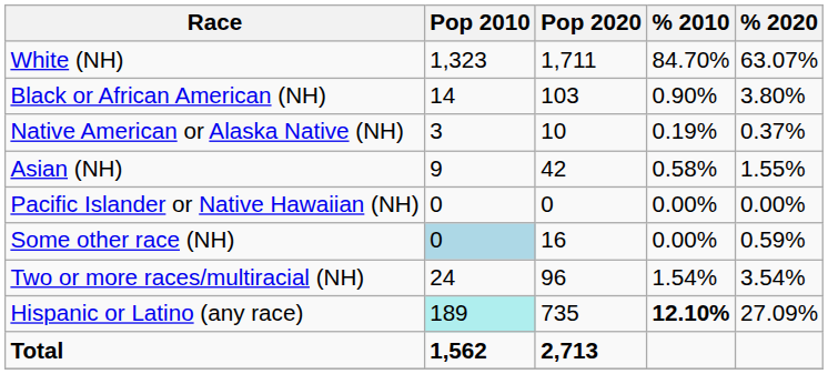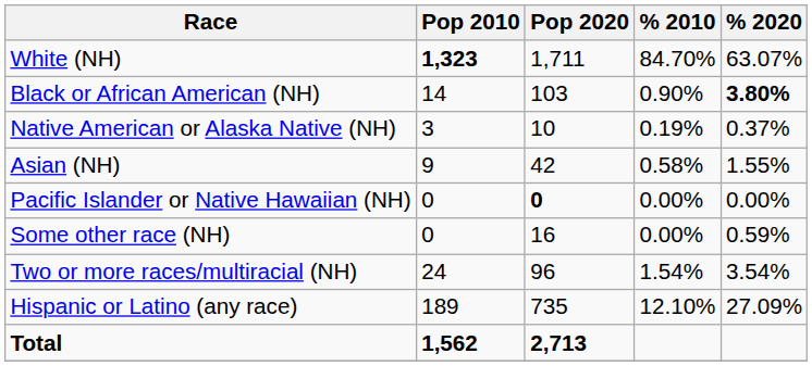 <table class="wikitable">
 <tr>
 <th>Race</th>
 <th>Pop 2010</th>
 <th>Pop 2020</th>
 <th>% 2010</th>
 <th>% 2020</th>
 </tr>
 <tr>
 <td><a href='#'>White</a> (NH)</td>
-<td>1,323</td>
+<td><strong>1,323</strong></td>
 <td>1,711</td>
 <td>84.70%</td>
 <td>63.07%</td>
 </tr>
 <tr>
 <td><a href='#'>Black or African American</a> (NH)</td>
 <td>14</td>
 <td>103</td>
 <td>0.90%</td>
-<td>3.80%</td>
+<td><strong>3.80%</strong></td>
 </tr>
 <tr>
 <td><a href='#'>Native American</a> or <a href='#'>Alaska Native</a> (NH)</td>
 <td>3</td>
 <td>10</td>
 <td>0.19%</td>
 <td>0.37%</td>
 </tr>
 <tr>
 <td><a href='#'>Asian</a> (NH)</td>
 <td>9</td>
 <td>42</td>
 <td>0.58%</td>
 <td>1.55%</td>
 </tr>
 <tr>
 <td><a href='#'>Pacific Islander</a> or <a href='#'>Native Hawaiian</a> (NH)</td>
 <td>0</td>
-<td>0</td>
+<td><strong>0</strong></td>
 <td>0.00%</td>
 <td>0.00%</td>
 </tr>
 <tr>
 <td><a href='#'>Some other race</a> (NH)</td>
-<td style="background: lightblue;">0</td>
+<td>0</td>
 <td>16</td>
 <td>0.00%</td>
 <td>0.59%</td>
 </tr>
 <tr>
 <td><a href='#'>Two or more races/multiracial</a> (NH)</td>
 <td>24</td>
 <td>96</td>
 <td>1.54%</td>
 <td>3.54%</td>
 </tr>
 <tr>
 <td><a href='#'>Hispanic or Latino</a> (any race)</td>
-<td style="background: paleturquoise;">189</td>
+<td>189</td>
 <td>735</td>
-<td><strong>12.10%</strong></td>
+<td>12.10%</td>
 <td>27.09%</td>
 </tr>
 <tr>
 <td><strong>Total</strong></td>
 <td><strong>1,562</strong></td>
 <td><strong>2,713</strong></td>
 <td></td>
 <td></td>
 </tr>
 <tr>
 </tr>
 </table>
